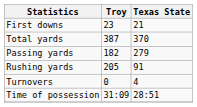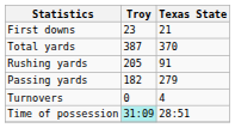 <table class="wikitable">
 <tr>
 <th>Statistics</th>
 <th>Troy</th>
 <th>Texas State</th>
 </tr>
 <tr>
 <td>First downs</td>
 <td>23</td>
 <td>21</td>
 </tr>
 <tr>
 <td>Total yards</td>
 <td>387</td>
 <td>370</td>
 </tr>
 <tr>
+<td>Rushing yards</td>
+<td>205</td>
+<td>91</td>
+</tr>
+<tr>
 <td>Passing yards</td>
 <td>182</td>
 <td>279</td>
-</tr>
-<tr>
-<td>Rushing yards</td>
-<td>205</td>
-<td>91</td>
 </tr>
 <tr>
 <td>Turnovers</td>
 <td>0</td>
 <td>4</td>
 </tr>
 <tr>
 <td>Time of possession</td>
-<td>31:09</td>
+<td style="background: paleturquoise;">31:09</td>
 <td>28:51</td>
 </tr>
 <tr>
 </tr>
 </table>
